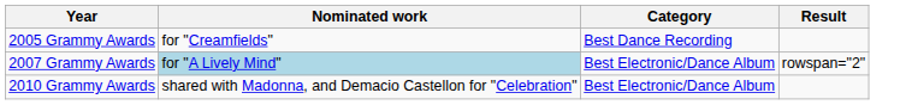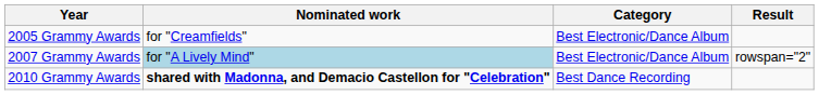 <table class="wikitable">
 <tr>
 <th>Year</th>
 <th>Nominated work</th>
 <th>Category</th>
 <th>Result</th>
 </tr>
 <tr>
 <td><a href='#'>2005 Grammy Awards</a></td>
 <td>for "<a href='#'>Creamfields</a>"</td>
-<td><a href='#'>Best Dance Recording</a></td>
+<td><a href='#'>Best Electronic/Dance Album</a></td>
 <td></td>
 </tr>
 <tr>
 <td><a href='#'>2007 Grammy Awards</a></td>
 <td style="background: lightblue;">for "<a href='#'>A Lively Mind</a>"</td>
 <td><a href='#'>Best Electronic/Dance Album</a></td>
 <td>rowspan="2" </td>
 </tr>
 <tr>
 <td><a href='#'>2010 Grammy Awards</a></td>
-<td>shared with <a href='#'>Madonna</a>, and Demacio Castellon for "<a href='#'>Celebration</a>"</td>
-<td><a href='#'>Best Electronic/Dance Album</a></td>
+<td><strong>shared with <a href='#'>Madonna</a>, and Demacio Castellon for "<a href='#'>Celebration</a>"</strong></td>
+<td><a href='#'>Best Dance Recording</a></td>
 </tr>
 </table>
